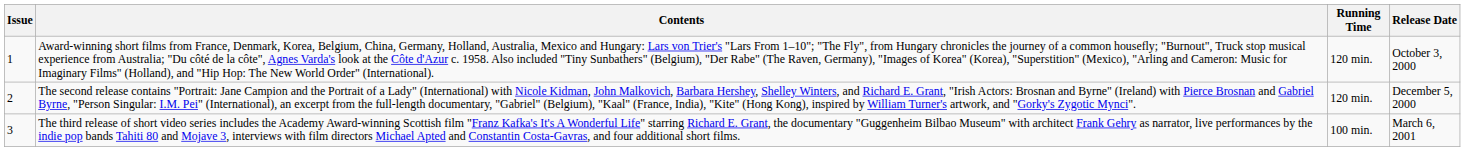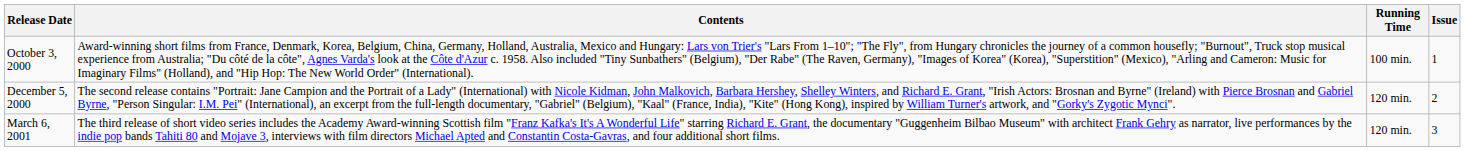 <table class="wikitable">
 <tr>
-<th>Issue</th>
+<th>Release Date</th>
 <th>Contents</th>
 <th>Running Time</th>
-<th>Release Date</th>
+<th>Issue</th>
 </tr>
 <tr>
+<td>October 3, 2000</td>
+<td>Award-winning short films from France, Denmark, Korea, Belgium, China, Germany, Holland, Australia, Mexico and Hungary: <a href='#'>Lars von Trier's</a> "Lars From 1–10"; "The Fly", from Hungary chronicles the journey of a common housefly; "Burnout", Truck stop musical experience from Australia; "Du côté de la côte", <a href='#'>Agnes Varda's</a> look at the <a href='#'>Côte d'Azur</a> c. 1958. Also included "Tiny Sunbathers" (Belgium), "Der Rabe" (The Raven, Germany), "Images of Korea" (Korea), "Superstition" (Mexico), "Arling and Cameron: Music for Imaginary Films" (Holland), and "Hip Hop: The New World Order" (International).</td>
+<td>100 min.</td>
 <td>1</td>
-<td>Award-winning short films from France, Denmark, Korea, Belgium, China, Germany, Holland, Australia, Mexico and Hungary: <a href='#'>Lars von Trier's</a> "Lars From 1–10"; "The Fly", from Hungary chronicles the journey of a common housefly; "Burnout", Truck stop musical experience from Australia; "Du côté de la côte", <a href='#'>Agnes Varda's</a> look at the <a href='#'>Côte d'Azur</a> c. 1958. Also included "Tiny Sunbathers" (Belgium), "Der Rabe" (The Raven, Germany), "Images of Korea" (Korea), "Superstition" (Mexico), "Arling and Cameron: Music for Imaginary Films" (Holland), and "Hip Hop: The New World Order" (International).</td>
-<td>120 min.</td>
-<td>October 3, 2000</td>
 </tr>
 <tr>
-<td>2</td>
+<td>December 5, 2000</td>
 <td>The second release contains "Portrait: Jane Campion and the Portrait of a Lady" (International) with <a href='#'>Nicole Kidman</a>, <a href='#'>John Malkovich</a>, <a href='#'>Barbara Hershey</a>, <a href='#'>Shelley Winters</a>, and <a href='#'>Richard E. Grant</a>, "Irish Actors: Brosnan and Byrne" (Ireland) with <a href='#'>Pierce Brosnan</a> and <a href='#'>Gabriel Byrne</a>, "Person Singular: <a href='#'>I.M. Pei</a>" (International), an excerpt from the full-length documentary, "Gabriel" (Belgium), "Kaal" (France, India), "Kite" (Hong Kong), inspired by <a href='#'>William Turner's</a> artwork, and "<a href='#'>Gorky's Zygotic Mynci</a>".</td>
 <td>120 min.</td>
-<td>December 5, 2000</td>
+<td>2</td>
 </tr>
 <tr>
+<td>March 6, 2001</td>
+<td>The third release of short video series includes the Academy Award-winning Scottish film "<a href='#'>Franz Kafka's It's A Wonderful Life</a>" starring <a href='#'>Richard E. Grant</a>, the documentary "Guggenheim Bilbao Museum" with architect <a href='#'>Frank Gehry</a> as narrator, live performances by the <a href='#'>indie pop</a> bands <a href='#'>Tahiti 80</a> and <a href='#'>Mojave 3</a>, interviews with film directors <a href='#'>Michael Apted</a> and <a href='#'>Constantin Costa-Gavras</a>, and four additional short films.</td>
+<td>120 min.</td>
 <td>3</td>
-<td>The third release of short video series includes the Academy Award-winning Scottish film "<a href='#'>Franz Kafka's It's A Wonderful Life</a>" starring <a href='#'>Richard E. Grant</a>, the documentary "Guggenheim Bilbao Museum" with architect <a href='#'>Frank Gehry</a> as narrator, live performances by the <a href='#'>indie pop</a> bands <a href='#'>Tahiti 80</a> and <a href='#'>Mojave 3</a>, interviews with film directors <a href='#'>Michael Apted</a> and <a href='#'>Constantin Costa-Gavras</a>, and four additional short films.</td>
-<td>100 min.</td>
-<td>March 6, 2001</td>
 </tr>
 </table>
